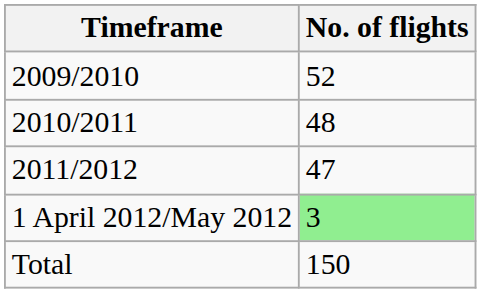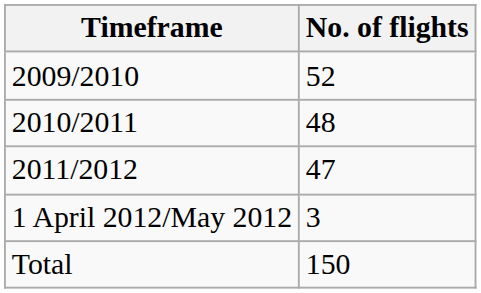 <table class="wikitable">
 <tr>
 <th>Timeframe</th>
 <th>No. of flights</th>
 </tr>
 <tr>
 <td>2009/2010</td>
 <td>52</td>
 </tr>
 <tr>
 <td>2010/2011</td>
 <td>48</td>
 </tr>
 <tr>
 <td>2011/2012</td>
 <td>47</td>
 </tr>
 <tr>
 <td>1 April 2012/May 2012</td>
-<td style="background: lightgreen;">3</td>
+<td>3</td>
 </tr>
 <tr>
 <td>Total</td>
 <td>150</td>
 </tr>
 </table>
